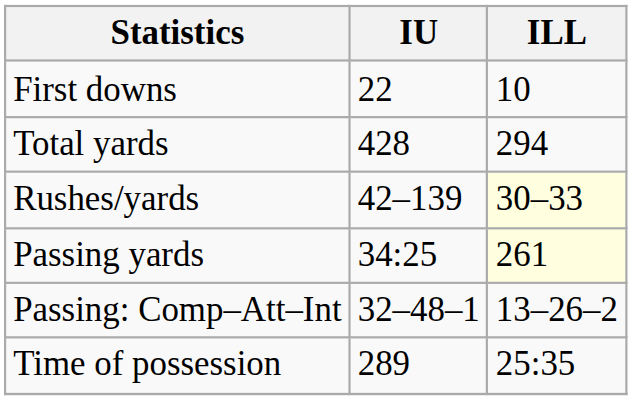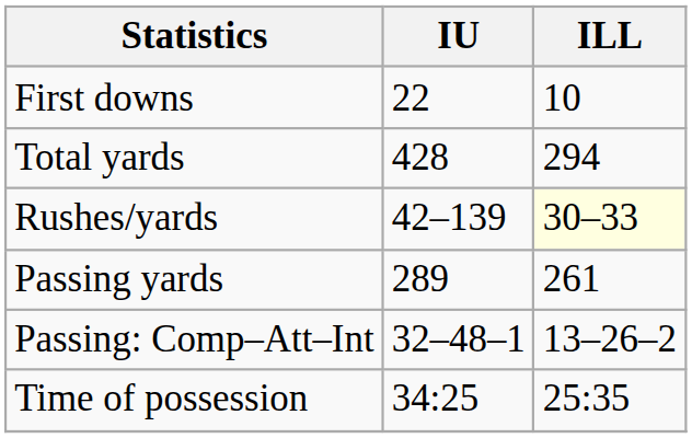 <table class="wikitable" style="float: left;">
 <tr>
 <th>Statistics</th>
 <th>IU</th>
 <th>ILL</th>
 </tr>
 <tr>
 <td>First downs</td>
 <td>22</td>
 <td>10</td>
 </tr>
 <tr>
 <td>Total yards</td>
 <td>428</td>
 <td>294</td>
 </tr>
 <tr>
 <td>Rushes/yards</td>
 <td>42–139</td>
 <td style="background: lightyellow;">30–33</td>
 </tr>
 <tr>
 <td>Passing yards</td>
-<td>34:25</td>
-<td style="background: lightyellow;">261</td>
+<td>289</td>
+<td>261</td>
 </tr>
 <tr>
 <td>Passing: Comp–Att–Int</td>
 <td>32–48–1</td>
 <td>13–26–2</td>
 </tr>
 <tr>
 <td>Time of possession</td>
-<td>289</td>
+<td>34:25</td>
 <td>25:35</td>
 </tr>
 <tr>
 </tr>
 </table>
